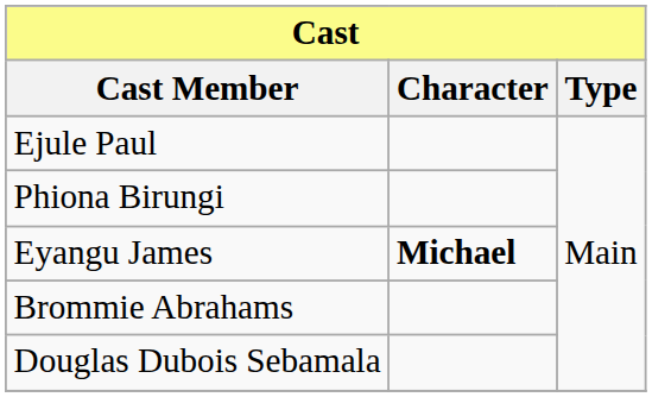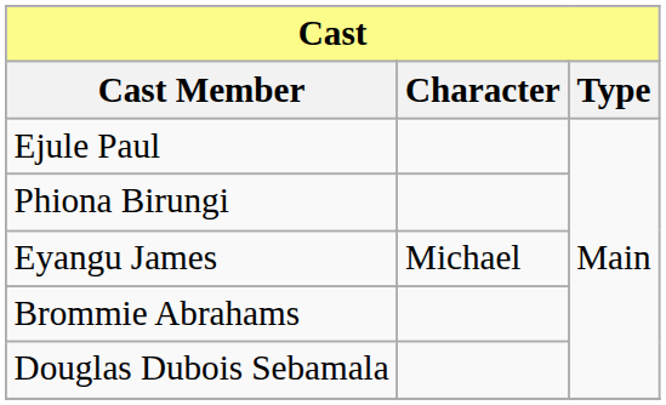 <table class="wikitable" width="">
 <tr>
 <th colspan="6" style="background: #FBFC8A;">Cast</th>
 </tr>
 <tr style="background:#ccc; text-align:center;">
 <th>Cast Member</th>
 <th>Character</th>
 <th>Type</th>
 </tr>
 <tr>
 <td>Ejule Paul</td>
 <td></td>
 <td rowspan="5">Main</td>
 </tr>
 <tr>
 <td>Phiona Birungi</td>
 <td></td>
 </tr>
 <tr>
 <td>Eyangu James</td>
-<td><strong>Michael</strong></td>
+<td>Michael</td>
 </tr>
 <tr>
 <td>Brommie Abrahams</td>
 <td></td>
 </tr>
 <tr>
 <td>Douglas Dubois Sebamala</td>
 <td></td>
 </tr>
 <tr>
 </tr>
 </table>
